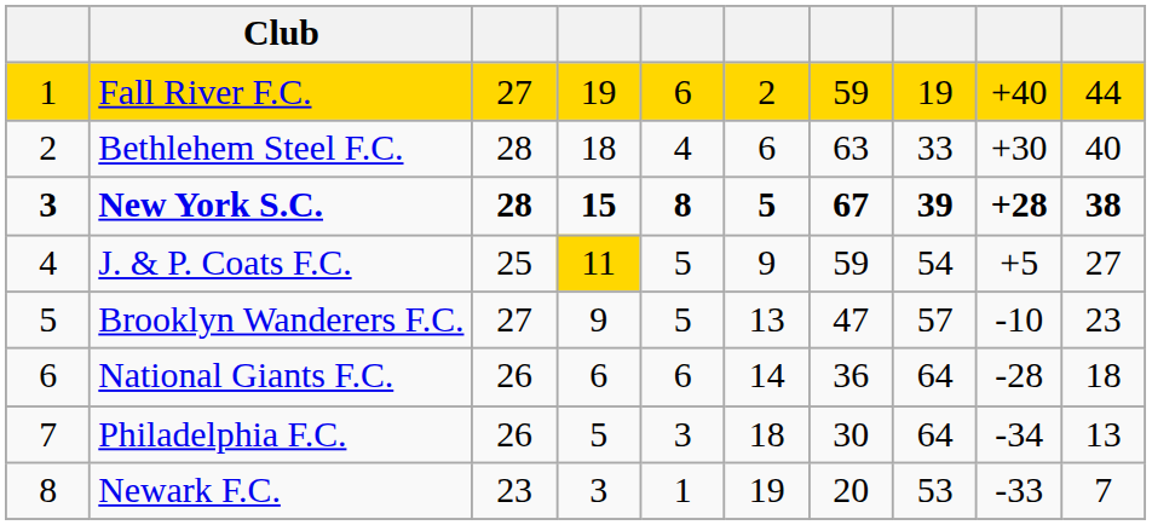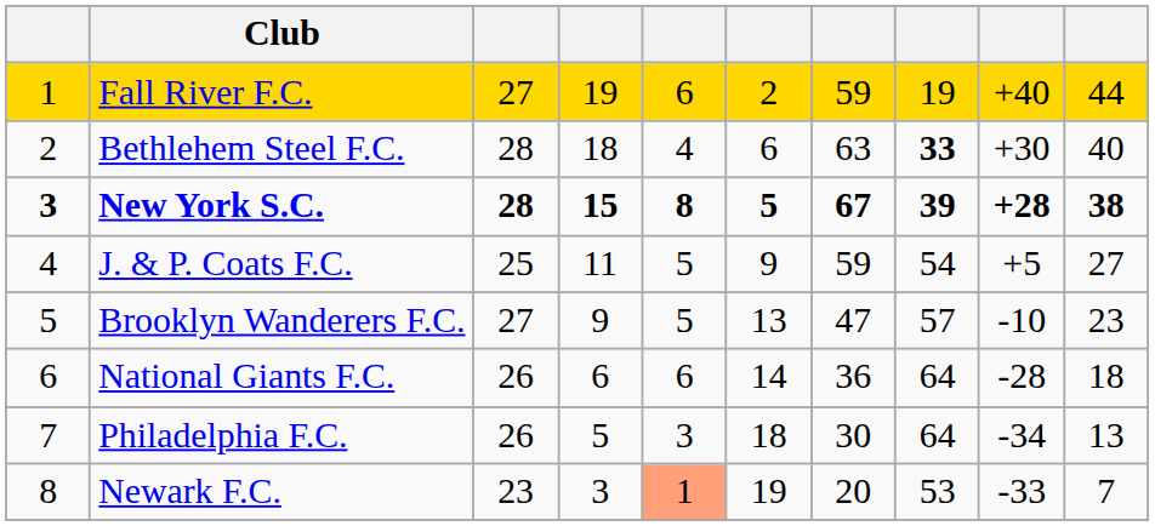 <table class="wikitable" style="text-align:center">
 <tr>
 <th width=30></th>
 <th>Club</th>
 <th width=30></th>
 <th width=30></th>
 <th width=30></th>
 <th width=30></th>
 <th width=30></th>
 <th width=30></th>
 <th width=30></th>
 <th width=30></th>
 </tr>
 <tr bgcolor="gold">
 <td>1</td>
 <td align=left><a href='#'>Fall River F.C.</a></td>
 <td>27</td>
 <td>19</td>
 <td>6</td>
 <td>2</td>
 <td>59</td>
 <td>19</td>
 <td>+40</td>
 <td>44</td>
 </tr>
 <tr>
 <td>2</td>
 <td align=left><a href='#'>Bethlehem Steel F.C.</a></td>
 <td>28</td>
 <td>18</td>
 <td>4</td>
 <td>6</td>
 <td>63</td>
-<td>33</td>
+<td><strong>33</strong></td>
 <td>+30</td>
 <td>40</td>
 </tr>
 <tr>
 <td><strong>3</strong></td>
 <td align=left><strong><a href='#'>New York S.C.</a></strong></td>
 <td><strong>28</strong></td>
 <td><strong>15</strong></td>
 <td><strong>8</strong></td>
 <td><strong>5</strong></td>
 <td><strong>67</strong></td>
 <td><strong>39</strong></td>
 <td><strong>+28</strong></td>
 <td><strong>38</strong></td>
 </tr>
 <tr>
 <td>4</td>
 <td align=left><a href='#'>J. & P. Coats F.C.</a></td>
 <td>25</td>
-<td style="background: gold;">11</td>
+<td>11</td>
 <td>5</td>
 <td>9</td>
 <td>59</td>
 <td>54</td>
 <td>+5</td>
 <td>27</td>
 </tr>
 <tr>
 <td>5</td>
 <td align=left><a href='#'>Brooklyn Wanderers F.C.</a></td>
 <td>27</td>
 <td>9</td>
 <td>5</td>
 <td>13</td>
 <td>47</td>
 <td>57</td>
 <td>-10</td>
 <td>23</td>
 </tr>
 <tr>
 <td>6</td>
 <td align=left><a href='#'>National Giants F.C.</a></td>
 <td>26</td>
 <td>6</td>
 <td>6</td>
 <td>14</td>
 <td>36</td>
 <td>64</td>
 <td>-28</td>
 <td>18</td>
 </tr>
 <tr>
 <td>7</td>
 <td align=left><a href='#'>Philadelphia F.C.</a></td>
 <td>26</td>
 <td>5</td>
 <td>3</td>
 <td>18</td>
 <td>30</td>
 <td>64</td>
 <td>-34</td>
 <td>13</td>
 </tr>
 <tr>
 <td>8</td>
 <td align=left><a href='#'>Newark F.C.</a></td>
 <td>23</td>
 <td>3</td>
-<td>1</td>
+<td style="background: lightsalmon;">1</td>
 <td>19</td>
 <td>20</td>
 <td>53</td>
 <td>-33</td>
 <td>7</td>
 </tr>
 </table>
